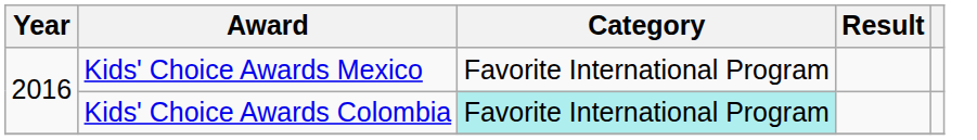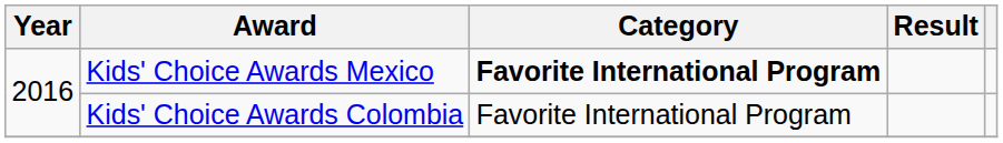 <table class="wikitable plainrowheaders">
 <tr>
 <th>Year</th>
 <th>Award</th>
 <th>Category</th>
 <th>Result</th>
 <th></th>
 </tr>
 <tr>
 <td rowspan="2">2016</td>
 <td><a href='#'>Kids' Choice Awards Mexico</a></td>
-<td>Favorite International Program</td>
+<td><strong>Favorite International Program</strong></td>
 <td></td>
 <td style="text-align: center;"></td>
 </tr>
 <tr>
 <td><a href='#'>Kids' Choice Awards Colombia</a></td>
-<td style="background: paleturquoise;">Favorite International Program</td>
+<td>Favorite International Program</td>
 <td></td>
 <td style="text-align: center;"></td>
 </tr>
 <tr>
 </tr>
 </table>
